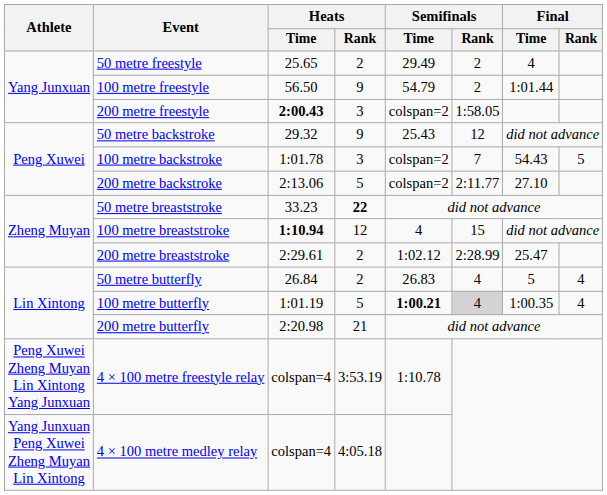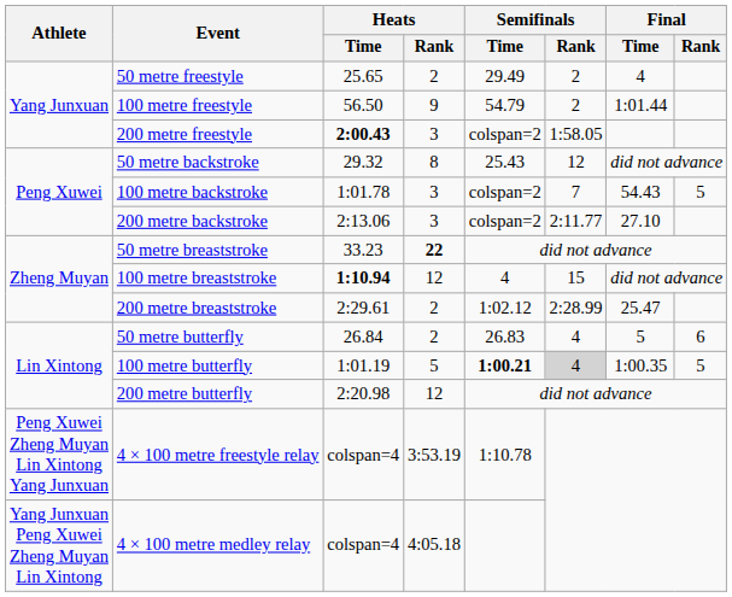 <table class=wikitable style="text-align:center;font-size:90%">
 <tr>
 <th rowspan=2>Athlete</th>
 <th rowspan=2>Event</th>
 <th colspan=2>Heats</th>
 <th colspan=2>Semifinals</th>
 <th colspan=2>Final</th>
 </tr>
 <tr style="font-size:95%">
 <th>Time</th>
 <th>Rank</th>
 <th>Time</th>
 <th>Rank</th>
 <th>Time</th>
 <th>Rank</th>
 </tr>
 <tr>
 <td rowspan=3><a href='#'>Yang Junxuan</a></td>
 <td align=left><a href='#'>50 metre freestyle</a></td>
 <td>25.65</td>
 <td>2</td>
 <td>29.49</td>
 <td>2</td>
 <td>4</td>
 <td></td>
 </tr>
 <tr>
 <td align=left><a href='#'>100 metre freestyle</a></td>
 <td>56.50</td>
 <td>9</td>
 <td>54.79</td>
 <td>2</td>
 <td>1:01.44</td>
 <td></td>
 </tr>
 <tr>
 <td align=left><a href='#'>200 metre freestyle</a></td>
 <td><strong>2:00.43</strong></td>
 <td>3</td>
 <td>colspan=2 </td>
 <td>1:58.05</td>
 <td></td>
 </tr>
 <tr>
 <td rowspan=3><a href='#'>Peng Xuwei</a></td>
 <td align=left><a href='#'>50 metre backstroke</a></td>
 <td>29.32</td>
-<td>9</td>
+<td>8</td>
 <td>25.43</td>
 <td>12</td>
 <td Colspan=2><em>did not advance</em></td>
 </tr>
 <tr>
 <td align=left><a href='#'>100 metre backstroke</a></td>
 <td>1:01.78</td>
 <td>3</td>
 <td>colspan=2 </td>
 <td>7</td>
 <td>54.43</td>
 <td>5</td>
 </tr>
 <tr>
 <td align=left><a href='#'>200 metre backstroke</a></td>
 <td>2:13.06</td>
-<td>5</td>
+<td>3</td>
 <td>colspan=2 </td>
 <td>2:11.77</td>
 <td>27.10</td>
 </tr>
 <tr>
 <td rowspan=3><a href='#'>Zheng Muyan</a></td>
 <td align=left><a href='#'>50 metre breaststroke</a></td>
 <td>33.23</td>
 <td><strong>22</strong></td>
 <td Colspan=4><em>did not advance</em></td>
 </tr>
 <tr>
 <td align=left><a href='#'>100 metre breaststroke</a></td>
 <td><strong>1:10.94</strong></td>
 <td>12</td>
 <td>4</td>
 <td>15</td>
 <td colspan=2><em>did not advance</em></td>
 </tr>
 <tr>
 <td align=left><a href='#'>200 metre breaststroke</a></td>
 <td>2:29.61</td>
 <td>2</td>
 <td>1:02.12</td>
 <td>2:28.99</td>
 <td>25.47</td>
 </tr>
 <tr>
 <td rowspan=3><a href='#'>Lin Xintong</a></td>
 <td align=left><a href='#'>50 metre butterfly</a></td>
 <td>26.84</td>
 <td>2</td>
 <td>26.83</td>
 <td>4</td>
 <td>5</td>
-<td>4</td>
+<td>6</td>
 </tr>
 <tr>
 <td align=left><a href='#'>100 metre butterfly</a></td>
 <td>1:01.19</td>
 <td>5</td>
 <td><strong>1:00.21</strong></td>
 <td style="background: lightgrey;">4</td>
 <td>1:00.35</td>
-<td>4</td>
+<td>5</td>
 </tr>
 <tr>
 <td align=left><a href='#'>200 metre butterfly</a></td>
 <td>2:20.98</td>
-<td>21</td>
+<td>12</td>
 <td colspan=4><em>did not advance</em></td>
 </tr>
 <tr>
 <td><a href='#'>Peng Xuwei</a> <br><a href='#'>Zheng Muyan</a> <br><a href='#'>Lin Xintong</a> <br><a href='#'>Yang Junxuan</a></td>
 <td align=left><a href='#'>4 × 100 metre freestyle relay</a></td>
 <td>colspan=4 </td>
 <td>3:53.19</td>
 <td>1:10.78</td>
 </tr>
 <tr>
 <td><a href='#'>Yang Junxuan</a> <br><a href='#'>Peng Xuwei</a> <br><a href='#'>Zheng Muyan</a> <br><a href='#'>Lin Xintong</a></td>
 <td align=left><a href='#'>4 × 100 metre medley relay</a></td>
 <td>colspan=4 </td>
 <td>4:05.18</td>
 <td></td>
 </tr>
 </table>
